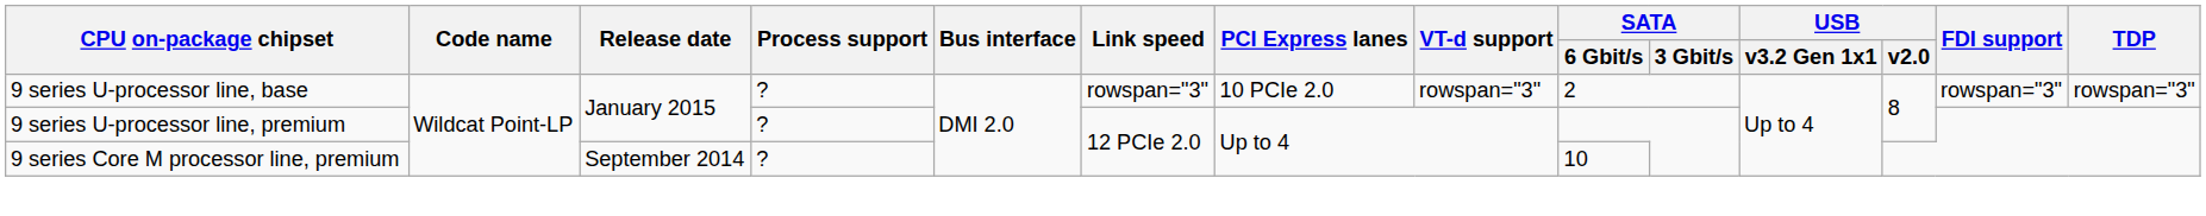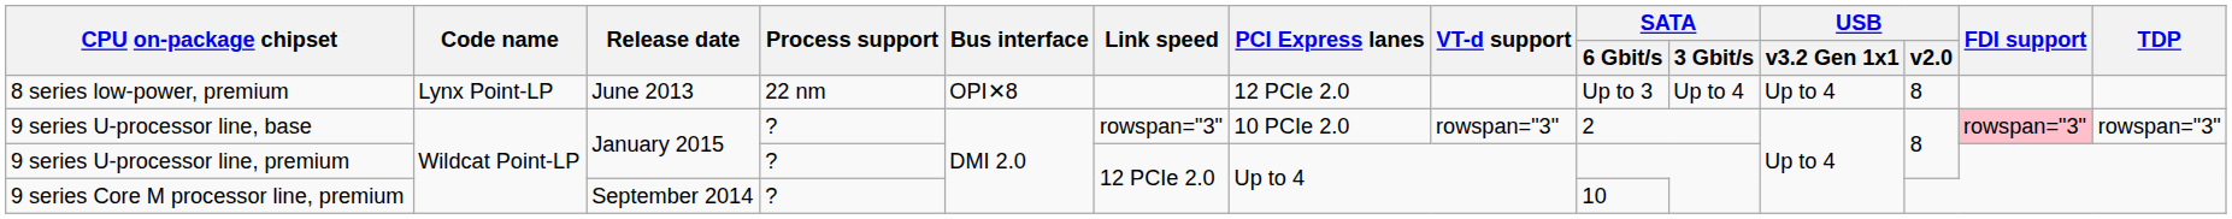 <table class="wikitable" style="font-size: 90%">
 <tr>
 <th rowspan="2"><a href='#'>CPU</a> <a href='#'>on-package</a> chipset</th>
 <th rowspan="2">Code name</th>
 <th rowspan="2">Release date</th>
 <th rowspan="2">Process support</th>
 <th rowspan="2">Bus interface</th>
 <th rowspan="2">Link speed</th>
 <th rowspan="2"><a href='#'>PCI Express</a> lanes</th>
 <th rowspan="2"><a href='#'>VT-d</a> support</th>
 <th colspan="2"><a href='#'>SATA</a></th>
 <th colspan="2"><a href='#'>USB</a></th>
 <th rowspan="2"><a href='#'>FDI support</a></th>
 <th rowspan="2" width="6%"><a href='#'>TDP</a></th>
 </tr>
 <tr>
 <th>6 Gbit/s</th>
 <th>3 Gbit/s</th>
 <th>v3.2 Gen 1x1</th>
 <th>v2.0</th>
 </tr>
 <tr>
+<td>8 series low-power, premium</td>
+<td>Lynx Point-LP</td>
+<td>June 2013</td>
+<td>22 nm</td>
+<td>OPI✕8</td>
+<td></td>
+<td>12 PCIe 2.0</td>
+<td></td>
+<td>Up to 3</td>
+<td>Up to 4</td>
+<td>Up to 4</td>
+<td>8</td>
+<td></td>
+<td></td>
+</tr>
+<tr>
 <td>9 series U-processor line, base</td>
 <td rowspan="3">Wildcat Point-LP</td>
 <td rowspan="2">January 2015</td>
 <td>?</td>
 <td rowspan="3">DMI 2.0</td>
 <td>rowspan="3" </td>
 <td>10 PCIe 2.0</td>
 <td>rowspan="3" </td>
 <td colspan="2">2</td>
 <td rowspan="3">Up to 4</td>
 <td rowspan="2">8</td>
-<td>rowspan="3" </td>
+<td style="background: pink;">rowspan="3" </td>
 <td>rowspan="3" </td>
 </tr>
 <tr>
 <td>9 series U-processor line, premium</td>
 <td>?</td>
 <td rowspan="2">12 PCIe 2.0</td>
 <td colspan="2" rowspan="2">Up to 4</td>
 </tr>
 <tr>
 <td>9 series Core M processor line, premium</td>
 <td>September 2014</td>
 <td>?</td>
 <td>10</td>
 </tr>
 </table>
